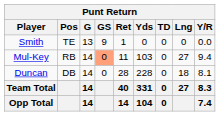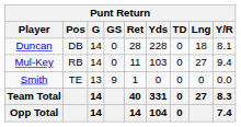 <table class="wikitable" style="text-align:center">
 <tr>
 <th colspan="9">Punt Return</th>
 </tr>
 <tr>
 <th>Player</th>
 <th>Pos</th>
 <th>G</th>
 <th>GS</th>
 <th>Ret</th>
 <th>Yds</th>
 <th>TD</th>
 <th>Lng</th>
 <th>Y/R</th>
 </tr>
 <tr>
+<td><a href='#'>Duncan</a></td>
+<td>DB</td>
+<td>14</td>
+<td>0</td>
+<td>28</td>
+<td>228</td>
+<td>0</td>
+<td>18</td>
+<td>8.1</td>
+</tr>
+<tr>
+<td><a href='#'>Mul-Key</a></td>
+<td>RB</td>
+<td>14</td>
+<td>0</td>
+<td>11</td>
+<td>103</td>
+<td>0</td>
+<td>27</td>
+<td>9.4</td>
+</tr>
+<tr>
 <td><a href='#'>Smith</a></td>
 <td>TE</td>
 <td>13</td>
 <td>9</td>
 <td>1</td>
 <td>0</td>
 <td>0</td>
 <td>0</td>
 <td>0.0</td>
-</tr>
-<tr>
-<td><a href='#'>Mul-Key</a></td>
-<td>RB</td>
-<td>14</td>
-<td style="background: lightsalmon;">0</td>
-<td>11</td>
-<td>103</td>
-<td>0</td>
-<td>27</td>
-<td>9.4</td>
-</tr>
-<tr>
-<td><a href='#'>Duncan</a></td>
-<td>DB</td>
-<td>14</td>
-<td>0</td>
-<td>28</td>
-<td>228</td>
-<td>0</td>
-<td>18</td>
-<td>8.1</td>
 </tr>
 <tr>
 <th>Team Total</th>
 <th></th>
 <th>14</th>
 <th></th>
 <th>40</th>
 <th>331</th>
 <th>0</th>
 <th>27</th>
 <th>8.3</th>
 </tr>
 <tr>
 <th>Opp Total</th>
 <th></th>
 <th>14</th>
 <th></th>
 <th>14</th>
 <th>104</th>
 <th>0</th>
 <th></th>
 <th>7.4</th>
 </tr>
 </table>
